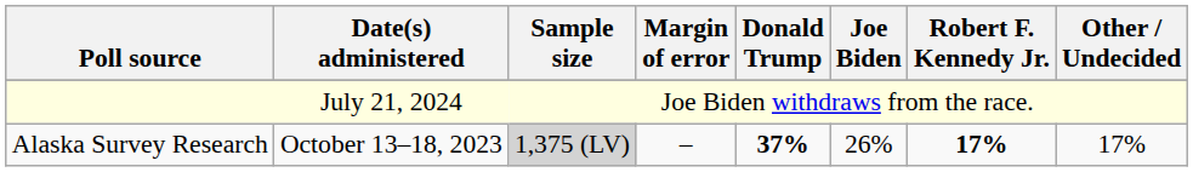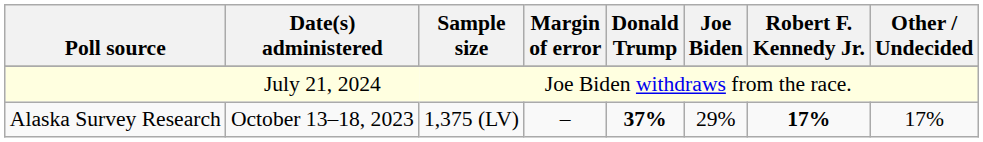 <table class="wikitable sortable mw-datatable" style="font-size:90%;text-align:center;line-height:17px">
 <tr valign=bottom>
 <th>Poll source</th>
 <th>Date(s)<br>administered</th>
 <th>Sample<br>size</th>
 <th>Margin<br>of error</th>
 <th class="unsortable">Donald<br>Trump<br></th>
 <th class="unsortable">Joe<br>Biden<br></th>
 <th class="unsortable">Robert F.<br>Kennedy Jr.<br></th>
 <th class="unsortable">Other /<br>Undecided</th>
 </tr>
 <tr>
 </tr>
 <tr style="background:lightyellow;">
 <td style="border-right-style:hidden;"></td>
 <td style="border-right-style:hidden; " data-sort-value="2024-07-21">July 21, 2024</td>
 <td colspan="6">Joe Biden <a href='#'>withdraws</a> from the race.</td>
 </tr>
 <tr>
 <td style="text-align:left;">Alaska Survey Research</td>
 <td data-sort-value=2023-10-18>October 13–18, 2023</td>
-<td style="background: lightgrey;">1,375 (LV)</td>
+<td>1,375 (LV)</td>
 <td>–</td>
 <td style="background-color:"><strong>37%</strong></td>
-<td>26%</td>
+<td>29%</td>
 <td><strong>17%</strong></td>
 <td>17%</td>
 </tr>
 </table>
